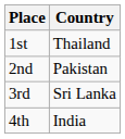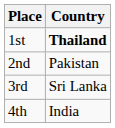 <table class="wikitable">
 <tr>
 <th>Place</th>
 <th>Country</th>
 </tr>
 <tr>
 <td>1st</td>
-<td>Thailand</td>
+<td><strong>Thailand</strong></td>
 </tr>
 <tr>
 <td>2nd</td>
 <td>Pakistan</td>
 </tr>
 <tr>
 <td>3rd</td>
 <td>Sri Lanka</td>
 </tr>
 <tr>
 <td>4th</td>
 <td>India</td>
 </tr>
 </table>
